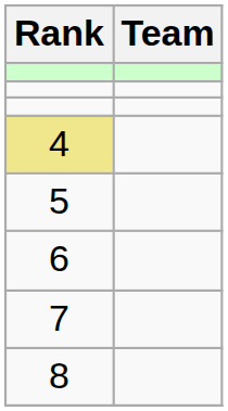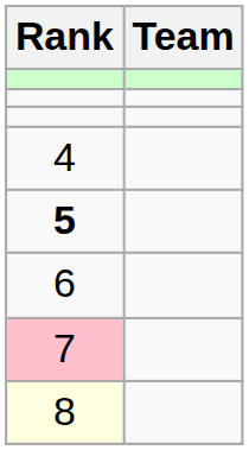 <table class="wikitable">
 <tr>
 <th>Rank</th>
 <th>Team</th>
 </tr>
 <tr bgcolor=ccffcc>
 <td align=center></td>
 <td></td>
 </tr>
 <tr>
 <td align=center></td>
 <td></td>
 </tr>
 <tr>
 <td align=center></td>
 <td></td>
 </tr>
 <tr>
-<td align=center style="background: khaki;">4</td>
+<td align=center>4</td>
 <td></td>
 </tr>
 <tr>
-<td align=center>5</td>
+<td align=center><strong>5</strong></td>
 <td></td>
 </tr>
 <tr>
 <td align=center>6</td>
 <td></td>
 </tr>
 <tr>
-<td align=center>7</td>
+<td align=center style="background: pink;">7</td>
 <td></td>
 </tr>
 <tr>
-<td align=center>8</td>
+<td align=center style="background: lightyellow;">8</td>
 <td></td>
 </tr>
 <tr>
 </tr>
 </table>
